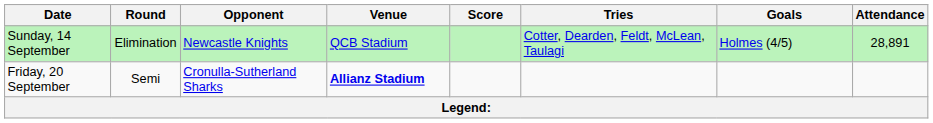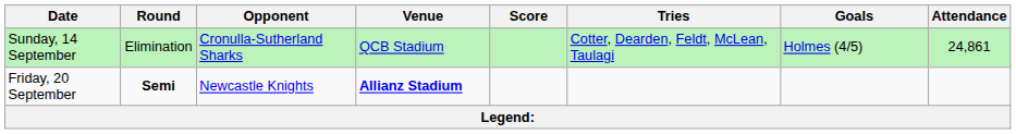 <table class="wikitable" style="font-size:75%;">
 <tr>
 <th style="width:120px;">Date</th>
 <th style="width:60px;">Round</th>
 <th style="width:185px;">Opponent</th>
 <th style="width:155px;">Venue</th>
 <th style="width:80px;">Score</th>
 <th style="width:270px;">Tries</th>
 <th style="width:180px;">Goals</th>
 <th style="width:60px;">Attendance</th>
 </tr>
 <tr style="background:#BBF3BB">
 <td>Sunday, 14 September</td>
 <td style="text-align:center;">Elimination</td>
-<td> <a href='#'>Newcastle Knights</a></td>
+<td> <a href='#'>Cronulla-Sutherland Sharks</a></td>
 <td><a href='#'>QCB Stadium</a></td>
 <td style="text-align:center;"></td>
 <td><a href='#'>Cotter</a>, <a href='#'>Dearden</a>, <a href='#'>Feldt</a>, <a href='#'>McLean</a>, <a href='#'>Taulagi</a></td>
 <td><a href='#'>Holmes</a> (4/5)</td>
-<td style="text-align:center;">28,891</td>
+<td style="text-align:center;">24,861</td>
 </tr>
 <tr style="background:">
 <td>Friday, 20 September</td>
-<td style="text-align:center;">Semi</td>
-<td> <a href='#'>Cronulla-Sutherland Sharks</a></td>
+<td style="text-align:center;"><strong>Semi</strong></td>
+<td> <a href='#'>Newcastle Knights</a></td>
 <td><strong><a href='#'>Allianz Stadium</a></strong></td>
 <td style="text-align:center;"></td>
 <td></td>
 <td></td>
 <td style="text-align:center;"></td>
 </tr>
 <tr>
 <th colspan="8"><strong>Legend</strong>:   </th>
 </tr>
 </table>
